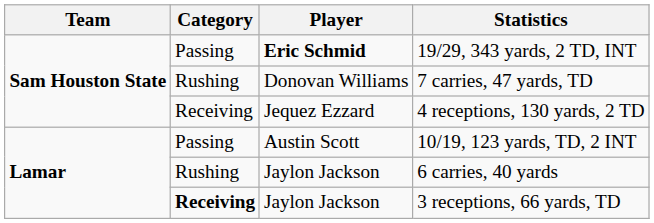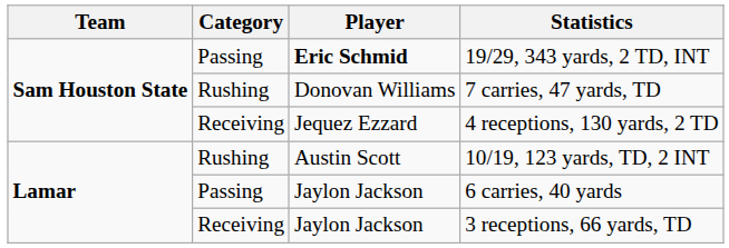 <table class="wikitable" style="float: right;">
 <tr>
 <th>Team</th>
 <th>Category</th>
 <th>Player</th>
 <th>Statistics</th>
 </tr>
 <tr>
 <td rowspan=3><strong>Sam Houston State</strong></td>
 <td>Passing</td>
 <td><strong>Eric Schmid</strong></td>
 <td>19/29, 343 yards, 2 TD, INT</td>
 </tr>
 <tr>
 <td>Rushing</td>
 <td>Donovan Williams</td>
 <td>7 carries, 47 yards, TD</td>
 </tr>
 <tr>
 <td>Receiving</td>
 <td>Jequez Ezzard</td>
 <td>4 receptions, 130 yards, 2 TD</td>
 </tr>
 <tr>
 <td rowspan=3><strong>Lamar</strong></td>
-<td>Passing</td>
+<td>Rushing</td>
 <td>Austin Scott</td>
 <td>10/19, 123 yards, TD, 2 INT</td>
 </tr>
 <tr>
-<td>Rushing</td>
+<td>Passing</td>
 <td>Jaylon Jackson</td>
 <td>6 carries, 40 yards</td>
 </tr>
 <tr>
-<td><strong>Receiving</strong></td>
+<td>Receiving</td>
 <td>Jaylon Jackson</td>
 <td>3 receptions, 66 yards, TD</td>
 </tr>
 </table>
